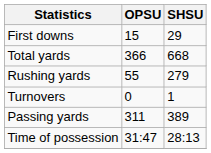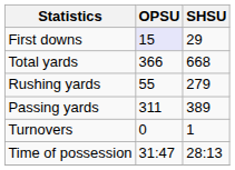 <table class="wikitable">
 <tr>
 <th>Statistics</th>
 <th>OPSU</th>
 <th>SHSU</th>
 </tr>
 <tr>
 <td>First downs</td>
-<td>15</td>
+<td style="background: lavender;">15</td>
 <td>29</td>
 </tr>
 <tr>
 <td>Total yards</td>
 <td>366</td>
 <td>668</td>
 </tr>
 <tr>
 <td>Rushing yards</td>
 <td>55</td>
 <td>279</td>
 </tr>
 <tr>
+<td>Passing yards</td>
+<td>311</td>
+<td>389</td>
+</tr>
+<tr>
 <td>Turnovers</td>
 <td>0</td>
 <td>1</td>
-</tr>
-<tr>
-<td>Passing yards</td>
-<td>311</td>
-<td>389</td>
 </tr>
 <tr>
 <td>Time of possession</td>
 <td>31:47</td>
 <td>28:13</td>
 </tr>
 <tr>
 </tr>
 </table>
